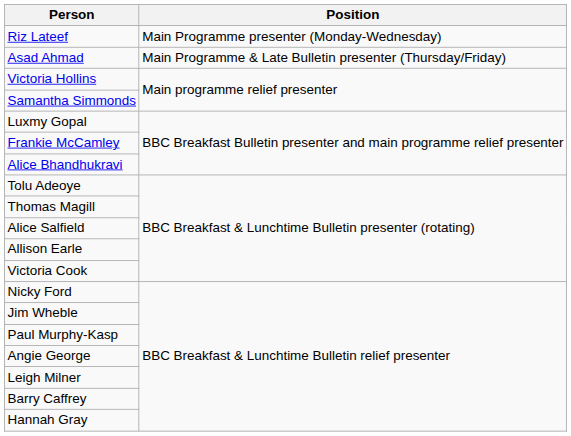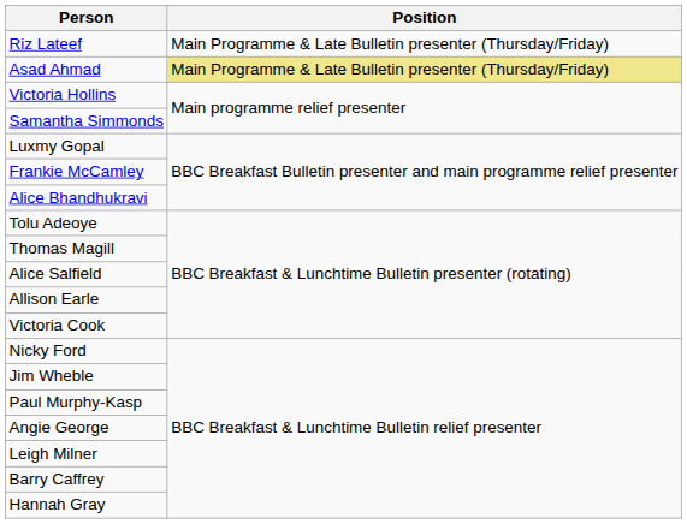 <table class="wikitable">
 <tr>
 <th>Person</th>
 <th>Position</th>
 </tr>
 <tr>
 <td><a href='#'>Riz Lateef</a></td>
-<td>Main Programme presenter (Monday-Wednesday)</td>
+<td>Main Programme & Late Bulletin presenter (Thursday/Friday)</td>
 </tr>
 <tr>
 <td><a href='#'>Asad Ahmad</a></td>
-<td>Main Programme & Late Bulletin presenter (Thursday/Friday)</td>
+<td style="background: khaki;">Main Programme & Late Bulletin presenter (Thursday/Friday)</td>
 </tr>
 <tr>
 <td><a href='#'>Victoria Hollins</a></td>
 <td rowspan="2">Main programme relief presenter</td>
 </tr>
 <tr>
 <td><a href='#'>Samantha Simmonds</a></td>
 </tr>
 <tr>
 <td>Luxmy Gopal</td>
 <td rowspan="3">BBC Breakfast Bulletin presenter and main programme relief presenter</td>
 </tr>
 <tr>
 <td><a href='#'>Frankie McCamley</a></td>
 </tr>
 <tr>
 <td><a href='#'>Alice Bhandhukravi</a></td>
 </tr>
 <tr>
 <td>Tolu Adeoye</td>
 <td rowspan="5">BBC Breakfast & Lunchtime Bulletin presenter (rotating)</td>
 </tr>
 <tr>
 <td>Thomas Magill</td>
 </tr>
 <tr>
 <td>Alice Salfield</td>
 </tr>
 <tr>
 <td>Allison Earle</td>
 </tr>
 <tr>
 <td>Victoria Cook</td>
 </tr>
 <tr>
 <td>Nicky Ford</td>
 <td rowspan="7">BBC Breakfast & Lunchtime Bulletin relief presenter</td>
 </tr>
 <tr>
 <td>Jim Wheble</td>
 </tr>
 <tr>
 <td>Paul Murphy-Kasp</td>
 </tr>
 <tr>
 <td>Angie George</td>
 </tr>
 <tr>
 <td>Leigh Milner</td>
 </tr>
 <tr>
 <td>Barry Caffrey</td>
 </tr>
 <tr>
 <td>Hannah Gray</td>
 </tr>
 </table>
